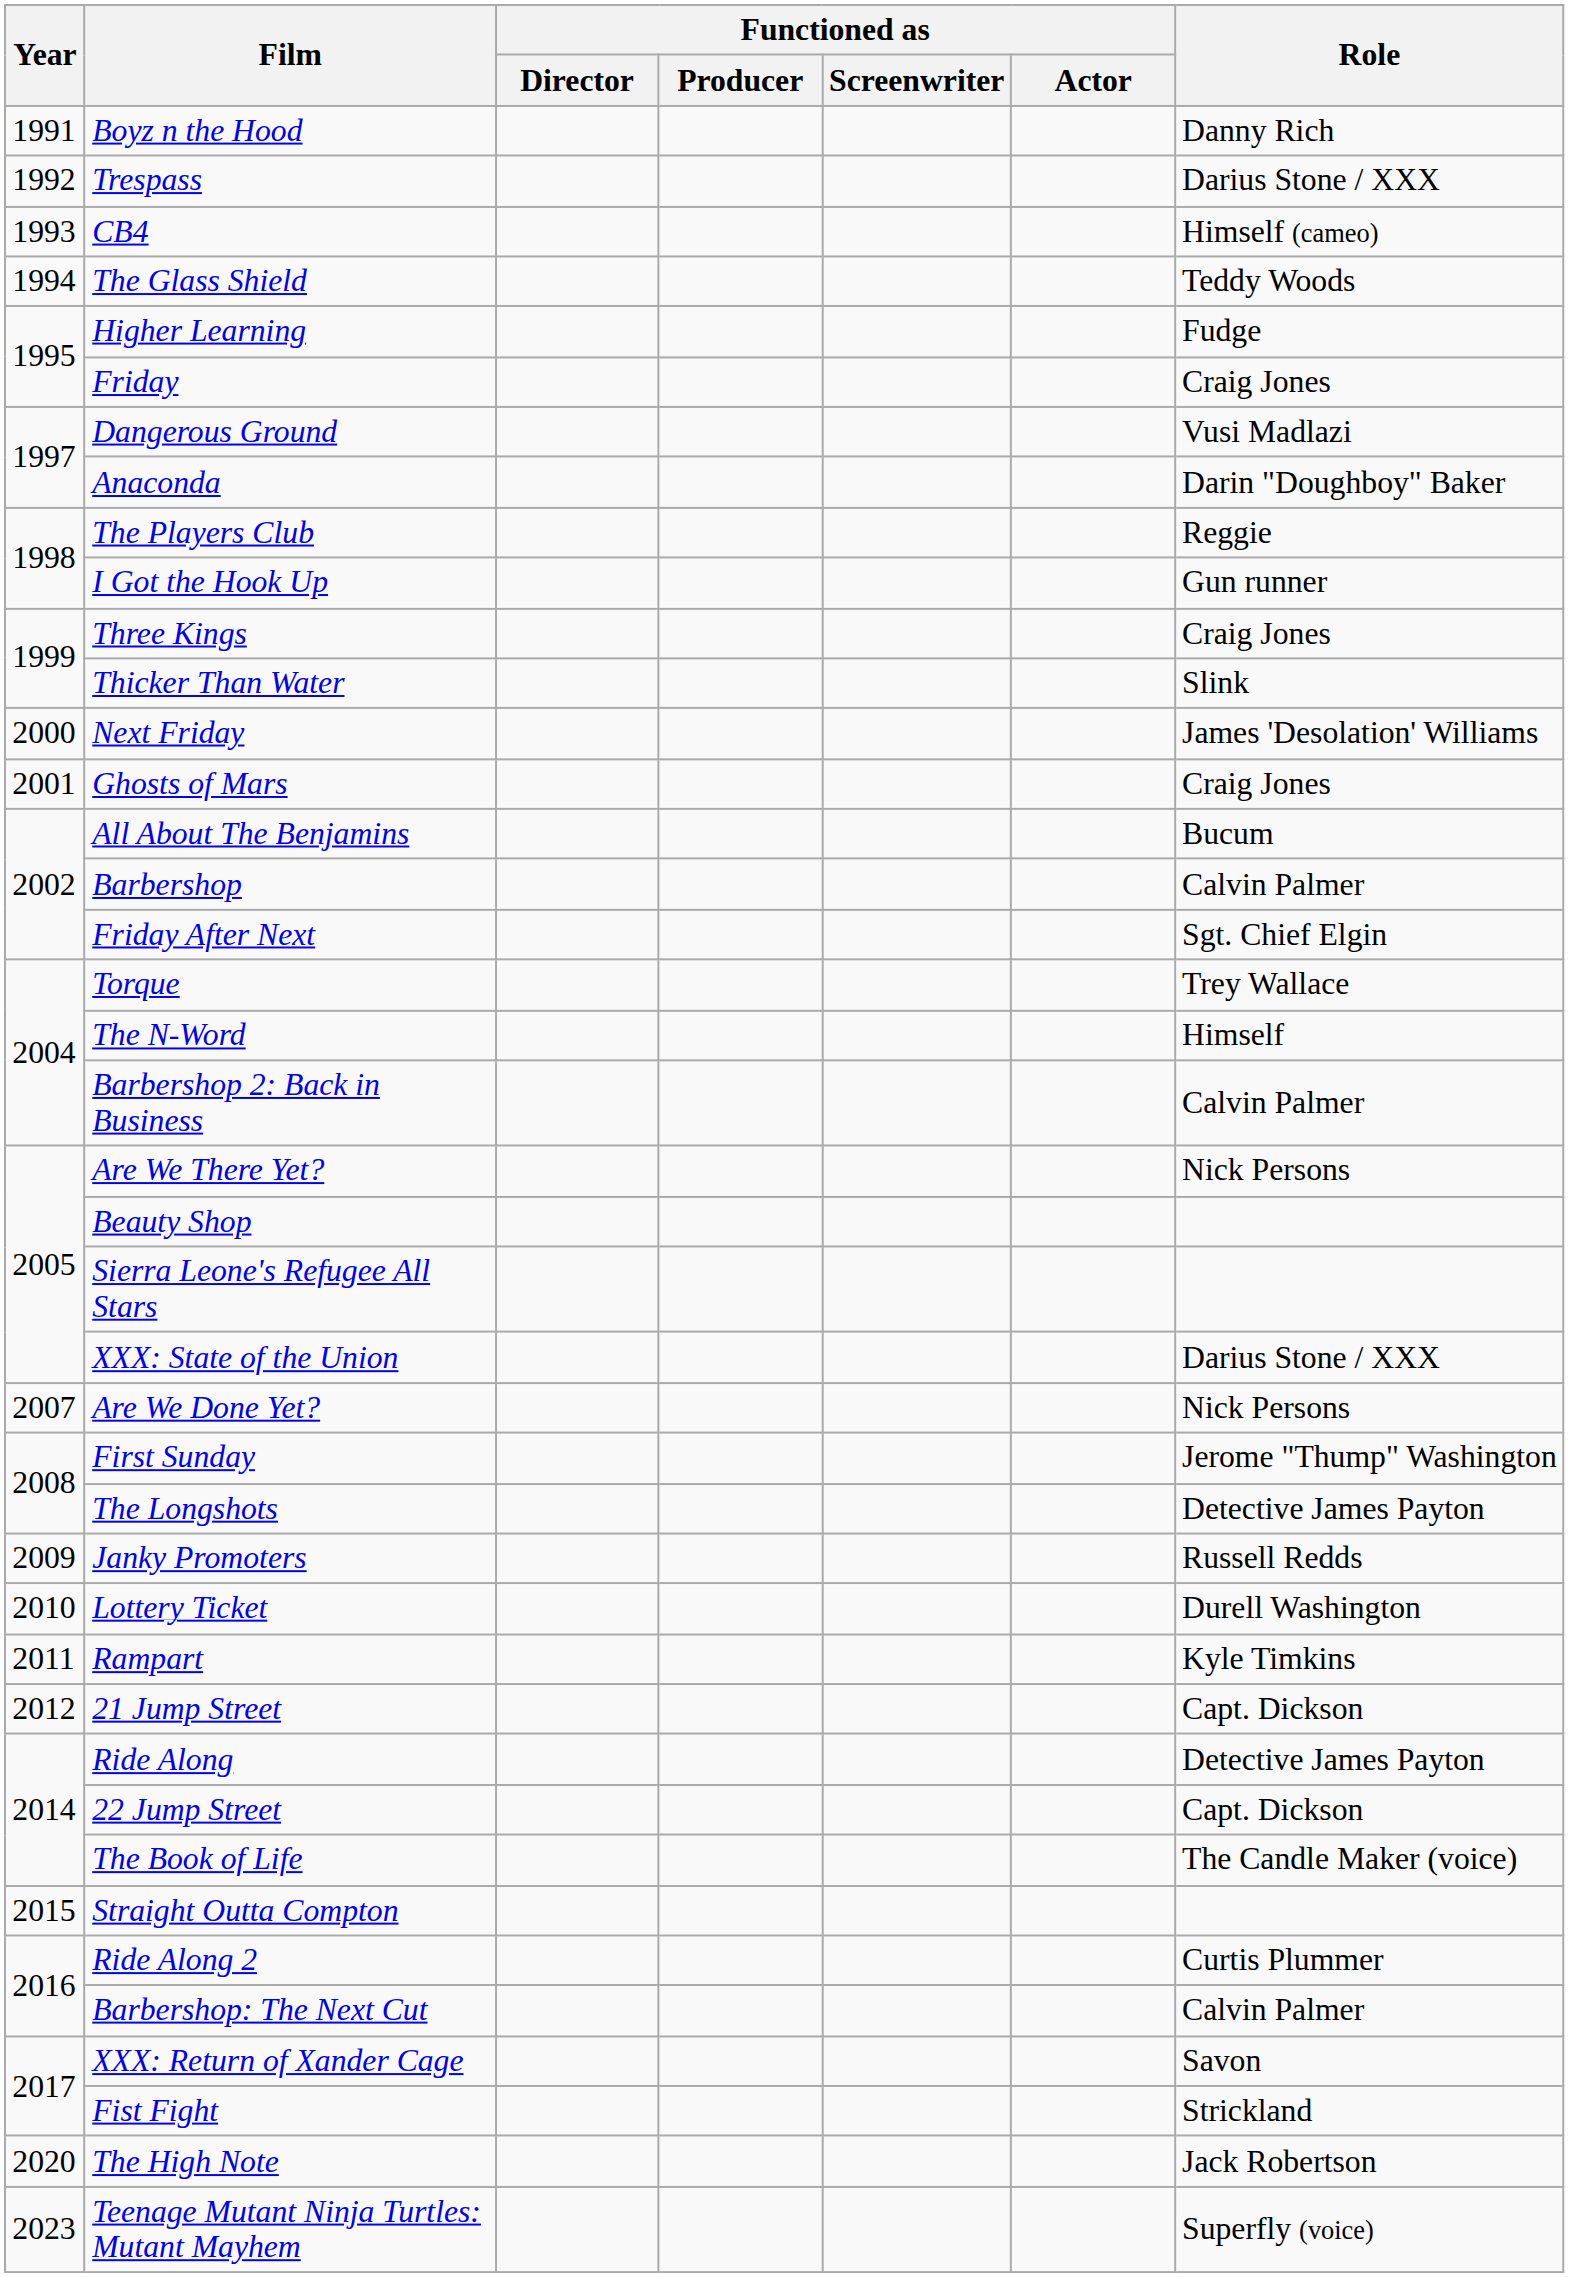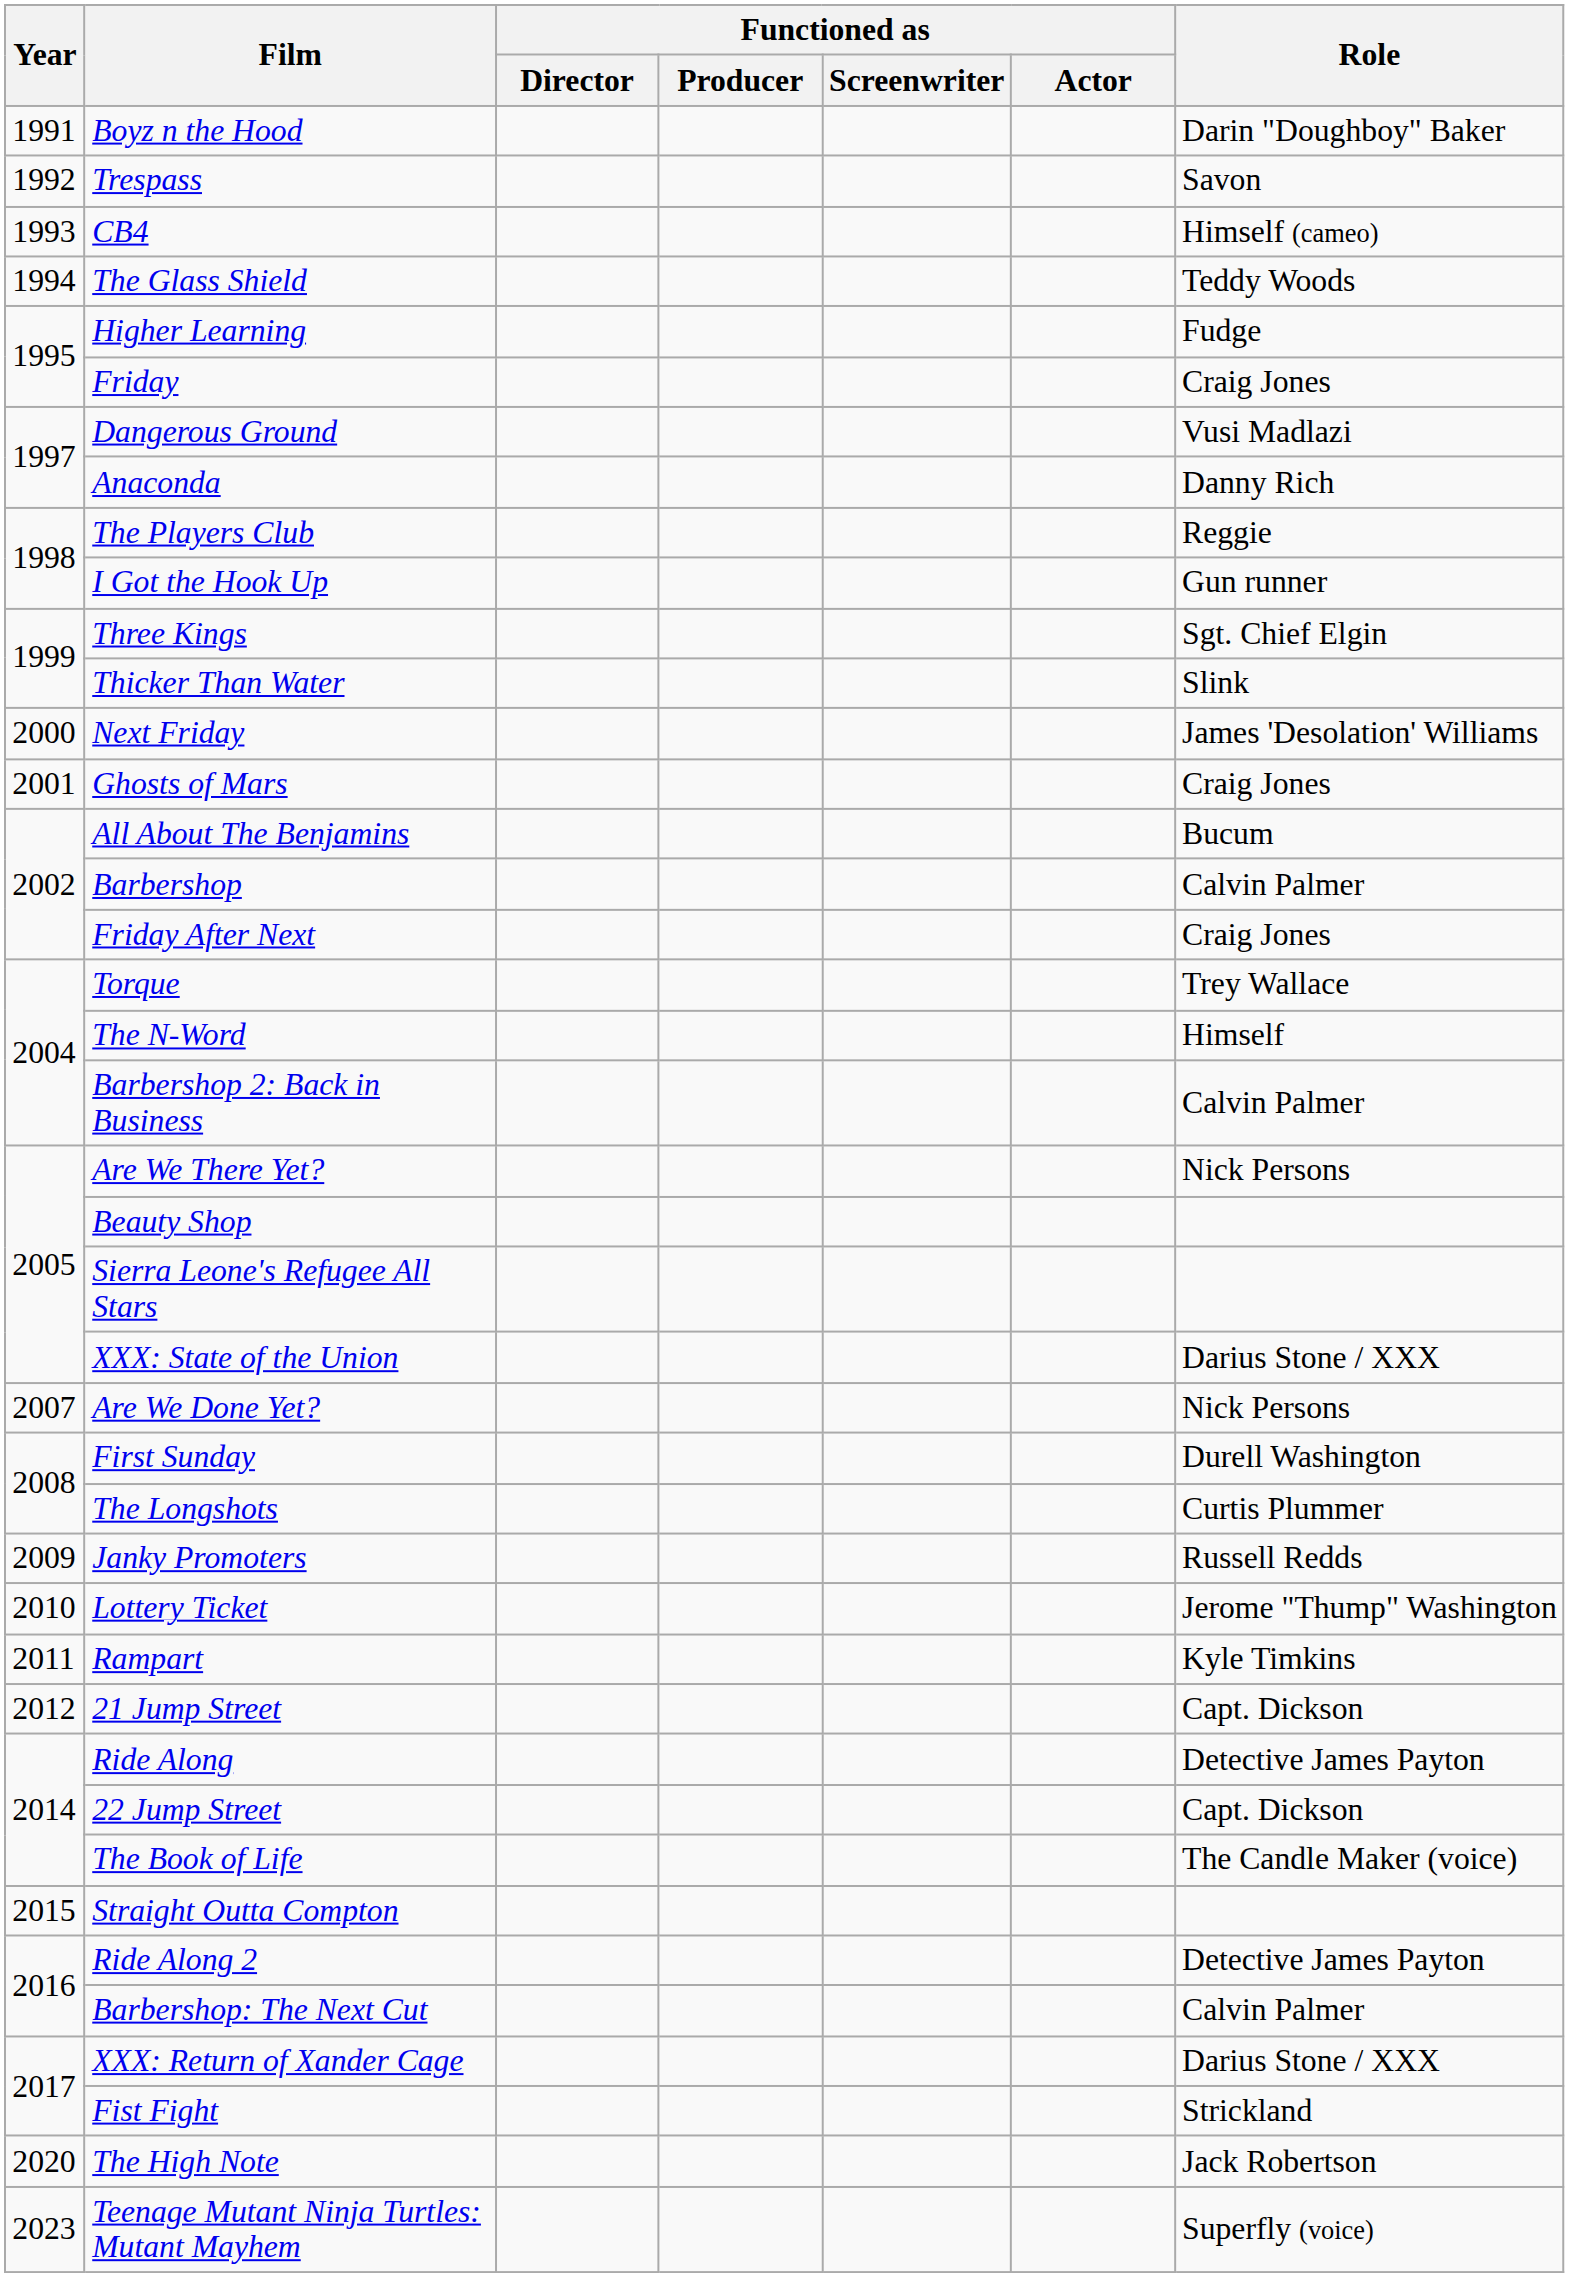 <table class="wikitable sortable" style="margin-right: 0;">
 <tr>
 <th rowspan="2" style="width:33px;">Year</th>
 <th rowspan="2" style="width:200px;">Film</th>
 <th colspan="4">Functioned as</th>
 <th rowspan="2">Role</th>
 </tr>
 <tr>
 <th style="width:75px;">Director</th>
 <th style="width:75px;">Producer</th>
 <th style="width:75px;">Screenwriter</th>
 <th style="width:75px;">Actor</th>
 </tr>
 <tr>
 <td>1991</td>
 <td><em><a href='#'>Boyz n the Hood</a></em></td>
 <td></td>
 <td></td>
 <td></td>
 <td></td>
-<td>Danny Rich</td>
+<td>Darin "Doughboy" Baker</td>
 </tr>
 <tr>
 <td>1992</td>
 <td><em><a href='#'>Trespass</a></em></td>
 <td></td>
 <td></td>
 <td></td>
 <td></td>
-<td>Darius Stone / XXX</td>
+<td>Savon</td>
 </tr>
 <tr>
 <td>1993</td>
 <td><em><a href='#'>CB4</a></em></td>
 <td></td>
 <td></td>
 <td></td>
 <td></td>
 <td>Himself <small>(cameo)</small></td>
 </tr>
 <tr>
 <td>1994</td>
 <td><em><a href='#'>The Glass Shield</a></em></td>
 <td></td>
 <td></td>
 <td></td>
 <td></td>
 <td>Teddy Woods</td>
 </tr>
 <tr>
 <td rowspan="2">1995</td>
 <td><em><a href='#'>Higher Learning</a></em></td>
 <td></td>
 <td></td>
 <td></td>
 <td></td>
 <td>Fudge</td>
 </tr>
 <tr>
 <td><em><a href='#'>Friday</a></em></td>
 <td></td>
 <td></td>
 <td></td>
 <td></td>
 <td>Craig Jones</td>
 </tr>
 <tr>
 <td rowspan="2">1997</td>
 <td><em><a href='#'>Dangerous Ground</a></em></td>
 <td></td>
 <td></td>
 <td></td>
 <td></td>
 <td>Vusi Madlazi</td>
 </tr>
 <tr>
 <td><em><a href='#'>Anaconda</a></em></td>
 <td></td>
 <td></td>
 <td></td>
 <td></td>
-<td>Darin "Doughboy" Baker</td>
+<td>Danny Rich</td>
 </tr>
 <tr>
 <td rowspan="2">1998</td>
 <td><em><a href='#'>The Players Club</a></em></td>
 <td></td>
 <td></td>
 <td></td>
 <td></td>
 <td>Reggie</td>
 </tr>
 <tr>
 <td><em><a href='#'>I Got the Hook Up</a></em></td>
 <td></td>
 <td></td>
 <td></td>
 <td></td>
 <td>Gun runner</td>
 </tr>
 <tr>
 <td rowspan="2">1999</td>
 <td><em><a href='#'>Three Kings</a></em></td>
 <td></td>
 <td></td>
 <td></td>
 <td></td>
-<td>Craig Jones</td>
+<td>Sgt. Chief Elgin</td>
 </tr>
 <tr>
 <td><em><a href='#'>Thicker Than Water</a></em></td>
 <td></td>
 <td></td>
 <td></td>
 <td></td>
 <td>Slink</td>
 </tr>
 <tr>
 <td>2000</td>
 <td><em><a href='#'>Next Friday</a></em></td>
 <td></td>
 <td></td>
 <td></td>
 <td></td>
 <td>James 'Desolation' Williams</td>
 </tr>
 <tr>
 <td>2001</td>
 <td><em><a href='#'>Ghosts of Mars</a></em></td>
 <td></td>
 <td></td>
 <td></td>
 <td></td>
 <td>Craig Jones</td>
 </tr>
 <tr>
 <td rowspan="3">2002</td>
 <td><em><a href='#'>All About The Benjamins</a></em></td>
 <td></td>
 <td></td>
 <td></td>
 <td></td>
 <td>Bucum</td>
 </tr>
 <tr>
 <td><em><a href='#'>Barbershop</a></em></td>
 <td></td>
 <td></td>
 <td></td>
 <td></td>
 <td>Calvin Palmer</td>
 </tr>
 <tr>
 <td><em><a href='#'>Friday After Next</a></em></td>
 <td></td>
 <td></td>
 <td></td>
 <td></td>
-<td>Sgt. Chief Elgin</td>
+<td>Craig Jones</td>
 </tr>
 <tr>
 <td rowspan="3">2004</td>
 <td><em><a href='#'>Torque</a></em></td>
 <td></td>
 <td></td>
 <td></td>
 <td></td>
 <td>Trey Wallace</td>
 </tr>
 <tr>
 <td><em><a href='#'>The N-Word</a></em></td>
 <td></td>
 <td></td>
 <td></td>
 <td></td>
 <td>Himself</td>
 </tr>
 <tr>
 <td><em><a href='#'>Barbershop 2: Back in Business</a></em></td>
 <td></td>
 <td></td>
 <td></td>
 <td></td>
 <td>Calvin Palmer</td>
 </tr>
 <tr>
 <td rowspan="4">2005</td>
 <td><em><a href='#'>Are We There Yet?</a></em></td>
 <td></td>
 <td></td>
 <td></td>
 <td></td>
 <td>Nick Persons</td>
 </tr>
 <tr>
 <td><em><a href='#'>Beauty Shop</a></em></td>
 <td></td>
 <td></td>
 <td></td>
 <td></td>
 <td></td>
 </tr>
 <tr>
 <td><em><a href='#'>Sierra Leone's Refugee All Stars</a></em></td>
 <td></td>
 <td></td>
 <td></td>
 <td></td>
 <td></td>
 </tr>
 <tr>
 <td><em><a href='#'>XXX: State of the Union</a></em></td>
 <td></td>
 <td></td>
 <td></td>
 <td></td>
 <td>Darius Stone / XXX</td>
 </tr>
 <tr>
 <td>2007</td>
 <td><em><a href='#'>Are We Done Yet?</a></em></td>
 <td></td>
 <td></td>
 <td></td>
 <td></td>
 <td>Nick Persons</td>
 </tr>
 <tr>
 <td rowspan="2">2008</td>
 <td><em><a href='#'>First Sunday</a></em></td>
 <td></td>
 <td></td>
 <td></td>
 <td></td>
-<td>Jerome "Thump" Washington</td>
+<td>Durell Washington</td>
 </tr>
 <tr>
 <td><em><a href='#'>The Longshots</a></em></td>
 <td></td>
 <td></td>
 <td></td>
 <td></td>
-<td>Detective James Payton</td>
+<td>Curtis Plummer</td>
 </tr>
 <tr>
 <td>2009</td>
 <td><em><a href='#'>Janky Promoters</a></em></td>
 <td></td>
 <td></td>
 <td></td>
 <td></td>
 <td>Russell Redds</td>
 </tr>
 <tr>
 <td>2010</td>
 <td><em><a href='#'>Lottery Ticket</a></em></td>
 <td></td>
 <td></td>
 <td></td>
 <td></td>
-<td>Durell Washington</td>
+<td>Jerome "Thump" Washington</td>
 </tr>
 <tr>
 <td>2011</td>
 <td><em><a href='#'>Rampart</a></em></td>
 <td></td>
 <td></td>
 <td></td>
 <td></td>
 <td>Kyle Timkins</td>
 </tr>
 <tr>
 <td>2012</td>
 <td><em><a href='#'>21 Jump Street</a></em></td>
 <td></td>
 <td></td>
 <td></td>
 <td></td>
 <td>Capt. Dickson</td>
 </tr>
 <tr>
 <td rowspan="3">2014</td>
 <td><em><a href='#'>Ride Along</a></em></td>
 <td></td>
 <td></td>
 <td></td>
 <td></td>
 <td>Detective James Payton</td>
 </tr>
 <tr>
 <td><em><a href='#'>22 Jump Street</a></em></td>
 <td></td>
 <td></td>
 <td></td>
 <td></td>
 <td>Capt. Dickson</td>
 </tr>
 <tr>
 <td><em><a href='#'>The Book of Life</a></em></td>
 <td></td>
 <td></td>
 <td></td>
 <td></td>
 <td>The Candle Maker (voice)</td>
 </tr>
 <tr>
 <td>2015</td>
 <td><em><a href='#'>Straight Outta Compton</a></em></td>
 <td></td>
 <td></td>
 <td></td>
 <td></td>
 <td></td>
 </tr>
 <tr>
 <td rowspan="2">2016</td>
 <td><em><a href='#'>Ride Along 2</a></em></td>
 <td></td>
 <td></td>
 <td></td>
 <td></td>
-<td>Curtis Plummer</td>
+<td>Detective James Payton</td>
 </tr>
 <tr>
 <td><em><a href='#'>Barbershop: The Next Cut</a></em></td>
 <td></td>
 <td></td>
 <td></td>
 <td></td>
 <td>Calvin Palmer</td>
 </tr>
 <tr>
 <td rowspan="2">2017</td>
 <td><em><a href='#'>XXX: Return of Xander Cage</a></em></td>
 <td></td>
 <td></td>
 <td></td>
 <td></td>
-<td>Savon</td>
+<td>Darius Stone / XXX</td>
 </tr>
 <tr>
 <td><em><a href='#'>Fist Fight</a></em></td>
 <td></td>
 <td></td>
 <td></td>
 <td></td>
 <td>Strickland</td>
 </tr>
 <tr>
 <td>2020</td>
 <td><em><a href='#'>The High Note</a></em></td>
 <td></td>
 <td></td>
 <td></td>
 <td></td>
 <td>Jack Robertson</td>
 </tr>
 <tr>
 <td>2023</td>
 <td><em><a href='#'>Teenage Mutant Ninja Turtles: Mutant Mayhem</a></em></td>
 <td></td>
 <td></td>
 <td></td>
 <td></td>
 <td>Superfly <small>(voice)</small></td>
 </tr>
 </table>
